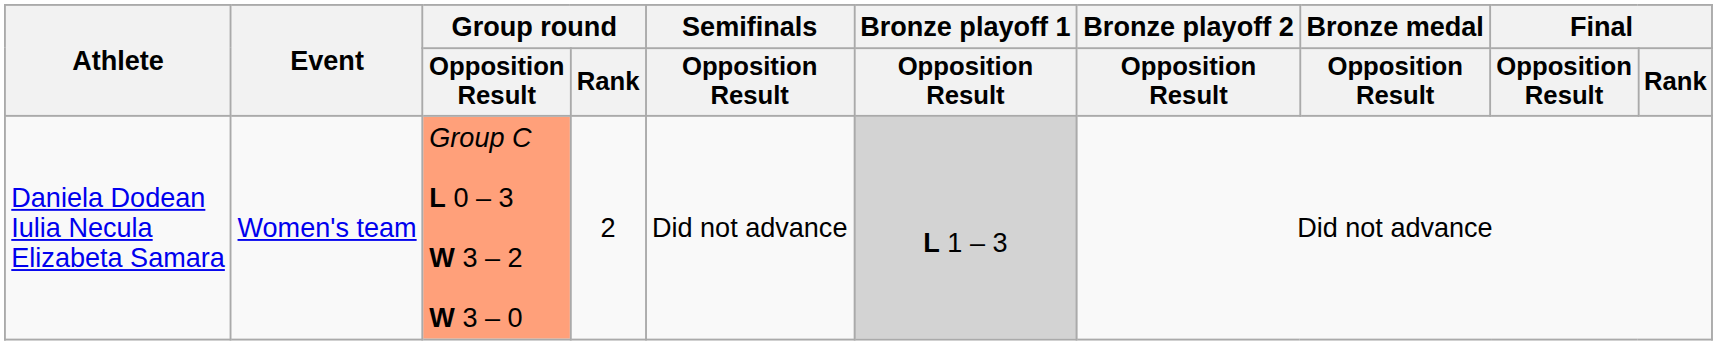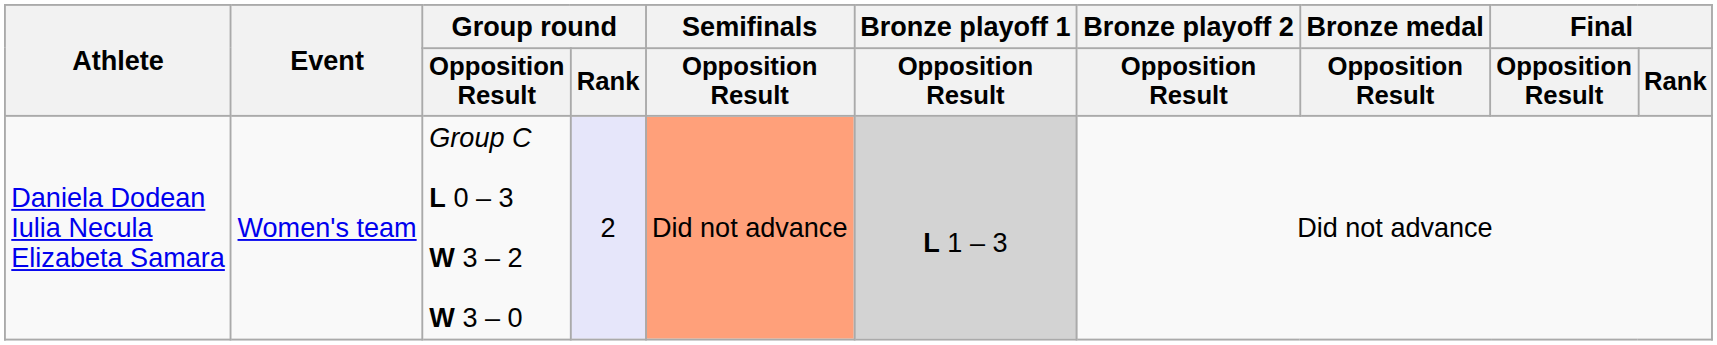 <table class="wikitable" style="font-size:90%;">
 <tr>
 <th rowspan="2">Athlete</th>
 <th rowspan="2">Event</th>
 <th colspan="2">Group round</th>
 <th>Semifinals</th>
 <th>Bronze playoff 1</th>
 <th>Bronze playoff 2</th>
 <th>Bronze medal</th>
 <th colspan=2>Final</th>
 </tr>
 <tr style="font-size:95%">
 <th>Opposition<br>Result</th>
 <th>Rank</th>
 <th>Opposition<br>Result</th>
 <th>Opposition<br>Result</th>
 <th>Opposition<br>Result</th>
 <th>Opposition<br>Result</th>
 <th>Opposition<br>Result</th>
 <th>Rank</th>
 </tr>
 <tr align=center>
 <td align=left><a href='#'>Daniela Dodean</a><br><a href='#'>Iulia Necula</a><br><a href='#'>Elizabeta Samara</a></td>
 <td align=left><a href='#'>Women's team</a></td>
-<td align=left style="background: lightsalmon;"><em>Group C</em><br><br><strong>L</strong> 0 – 3<br><br><strong>W</strong> 3 – 2<br><br><strong>W</strong> 3 – 0</td>
-<td>2</td>
-<td>Did not advance</td>
+<td align=left><em>Group C</em><br><br><strong>L</strong> 0 – 3<br><br><strong>W</strong> 3 – 2<br><br><strong>W</strong> 3 – 0</td>
+<td style="background: lavender;">2</td>
+<td style="background: lightsalmon;">Did not advance</td>
 <td style="background: lightgrey;"><br><strong>L</strong> 1 – 3</td>
 <td colspan=4>Did not advance</td>
 </tr>
 </table>
